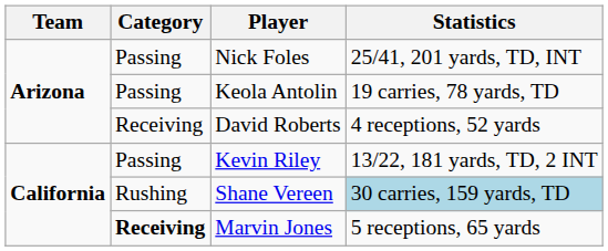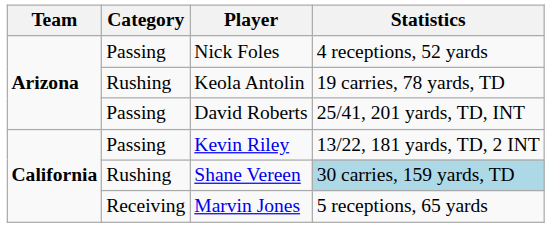 <table class="wikitable" style="float: right;">
 <tr>
 <th>Team</th>
 <th>Category</th>
 <th>Player</th>
 <th>Statistics</th>
 </tr>
 <tr>
 <td rowspan=3><strong>Arizona</strong></td>
 <td>Passing</td>
 <td>Nick Foles</td>
-<td>25/41, 201 yards, TD, INT</td>
+<td>4 receptions, 52 yards</td>
 </tr>
 <tr>
-<td>Passing</td>
+<td>Rushing</td>
 <td>Keola Antolin</td>
 <td>19 carries, 78 yards, TD</td>
 </tr>
 <tr>
-<td>Receiving</td>
+<td>Passing</td>
 <td>David Roberts</td>
-<td>4 receptions, 52 yards</td>
+<td>25/41, 201 yards, TD, INT</td>
 </tr>
 <tr>
 <td rowspan=3><strong>California</strong></td>
 <td>Passing</td>
 <td><a href='#'>Kevin Riley</a></td>
 <td>13/22, 181 yards, TD, 2 INT</td>
 </tr>
 <tr>
 <td>Rushing</td>
 <td><a href='#'>Shane Vereen</a></td>
 <td style="background: lightblue;">30 carries, 159 yards, TD</td>
 </tr>
 <tr>
-<td><strong>Receiving</strong></td>
+<td>Receiving</td>
 <td><a href='#'>Marvin Jones</a></td>
 <td>5 receptions, 65 yards</td>
 </tr>
 </table>
